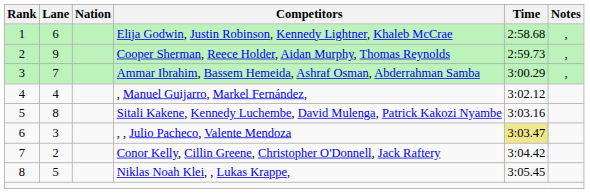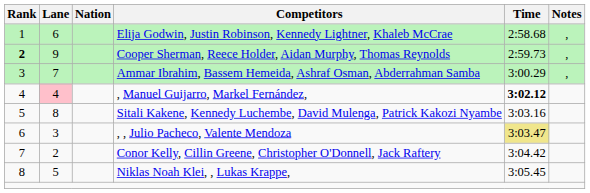 <table class="wikitable sortable" style="text-align:center">
 <tr>
 <th>Rank</th>
 <th>Lane</th>
 <th>Nation</th>
 <th>Competitors</th>
 <th>Time</th>
 <th>Notes</th>
 </tr>
 <tr bgcolor="#bbf3bb">
 <td>1</td>
 <td>6</td>
 <td align="left"></td>
 <td align="left"><a href='#'>Elija Godwin</a>, <a href='#'>Justin Robinson</a>, <a href='#'>Kennedy Lightner</a>, <a href='#'>Khaleb McCrae</a></td>
 <td>2:58.68</td>
 <td>, </td>
 </tr>
 <tr bgcolor="#bbf3bb">
-<td>2</td>
+<td><strong>2</strong></td>
 <td>9</td>
 <td align="left"></td>
 <td align="left"><a href='#'>Cooper Sherman</a>, <a href='#'>Reece Holder</a>, <a href='#'>Aidan Murphy</a>, <a href='#'>Thomas Reynolds</a></td>
 <td>2:59.73</td>
 <td>, </td>
 </tr>
 <tr bgcolor="#bbf3bb">
 <td>3</td>
 <td>7</td>
 <td align="left"></td>
 <td align="left"><a href='#'>Ammar Ibrahim</a>, <a href='#'>Bassem Hemeida</a>, <a href='#'>Ashraf Osman</a>, <a href='#'>Abderrahman Samba</a></td>
 <td>3:00.29</td>
 <td>, </td>
 </tr>
 <tr>
 <td>4</td>
-<td>4</td>
+<td style="background: pink;">4</td>
 <td align="left"></td>
 <td align="left">, <a href='#'>Manuel Guijarro</a>, <a href='#'>Markel Fernández</a>, </td>
-<td>3:02.12</td>
+<td><strong>3:02.12</strong></td>
 <td></td>
 </tr>
 <tr>
 <td>5</td>
 <td>8</td>
 <td align="left"></td>
 <td align="left"><a href='#'>Sitali Kakene</a>, <a href='#'>Kennedy Luchembe</a>, <a href='#'>David Mulenga</a>, <a href='#'>Patrick Kakozi Nyambe</a></td>
 <td>3:03.16</td>
 <td></td>
 </tr>
 <tr>
 <td>6</td>
 <td>3</td>
 <td align="left"></td>
 <td align="left">, , <a href='#'>Julio Pacheco</a>, <a href='#'>Valente Mendoza</a></td>
 <td style="background: khaki;">3:03.47</td>
 <td></td>
 </tr>
 <tr>
 <td>7</td>
 <td>2</td>
 <td align="left"></td>
 <td align="left"><a href='#'>Conor Kelly</a>, <a href='#'>Cillin Greene</a>, <a href='#'>Christopher O'Donnell</a>, <a href='#'>Jack Raftery</a></td>
 <td>3:04.42</td>
 <td></td>
 </tr>
 <tr>
 <td>8</td>
 <td>5</td>
 <td align="left"></td>
 <td align="left"><a href='#'>Niklas Noah Klei</a>, , <a href='#'>Lukas Krappe</a>, </td>
 <td>3:05.45</td>
 <td></td>
 </tr>
 <tr class="sortbottom">
 <td colspan="6"></td>
 </tr>
 </table>
